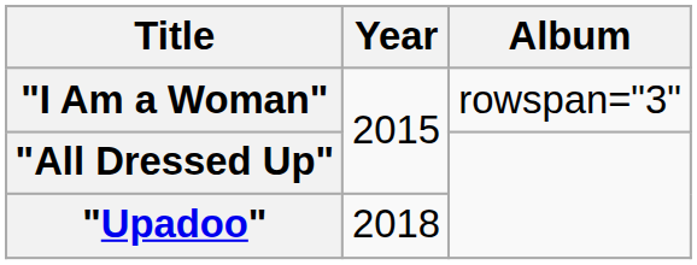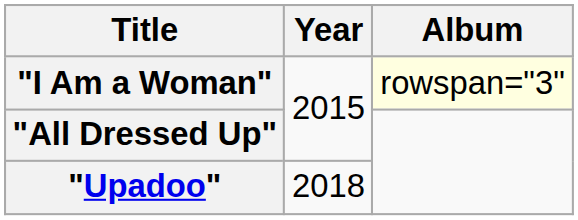 <table class="wikitable plainrowheaders" style="text-align:center;">
 <tr>
 <th scope="col">Title</th>
 <th scope="col">Year</th>
 <th scope="col">Album</th>
 </tr>
 <tr>
 <th scope="row">"I Am a Woman"</th>
 <td rowspan="2">2015</td>
-<td>rowspan="3" </td>
+<td style="background: lightyellow;">rowspan="3" </td>
 </tr>
 <tr>
 <th scope="row">"All Dressed Up"</th>
 </tr>
 <tr>
 <th scope="row">"<a href='#'>Upadoo</a>"</th>
 <td>2018</td>
 </tr>
 </table>
